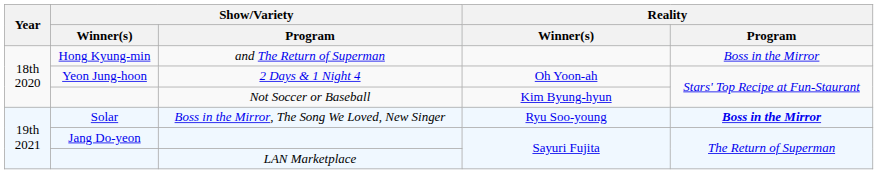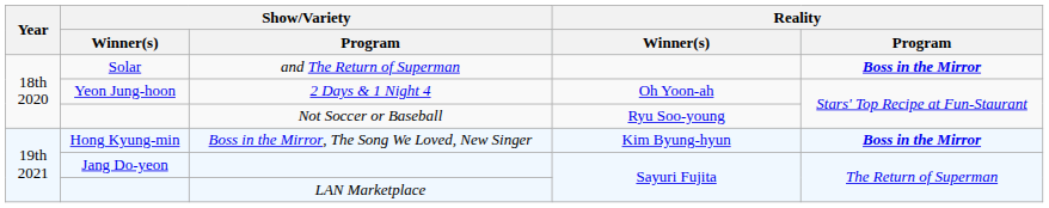 <table class="wikitable" style=text-align:center>
 <tr>
 <th rowspan=2 style="width:50px">Year</th>
 <th colspan=2 style="width:500px">Show/Variety</th>
 <th colspan=2 style="width:500px">Reality</th>
 </tr>
 <tr style="background:#F0F8FF">
 <th>Winner(s)</th>
 <th>Program</th>
 <th style="width:250px">Winner(s)</th>
 <th>Program</th>
 </tr>
 <tr>
 <td rowspan=3>18th<br>2020</td>
-<td><a href='#'>Hong Kyung-min</a></td>
+<td><a href='#'>Solar</a></td>
 <td><em> and <a href='#'>The Return of Superman</a></em></td>
 <td></td>
-<td><em><a href='#'>Boss in the Mirror</a></em></td>
+<td><strong><em><a href='#'>Boss in the Mirror</a></em></strong></td>
 </tr>
 <tr>
 <td><a href='#'>Yeon Jung-hoon</a></td>
 <td><em><a href='#'>2 Days & 1 Night 4</a></em></td>
 <td><a href='#'>Oh Yoon-ah</a></td>
 <td rowspan=2><em><a href='#'>Stars' Top Recipe at Fun-Staurant</a></em></td>
 </tr>
 <tr>
 <td></td>
 <td><em>Not Soccer or Baseball</em></td>
-<td><a href='#'>Kim Byung-hyun</a></td>
+<td><a href='#'>Ryu Soo-young</a></td>
 </tr>
 <tr style="background:#F0F8FF">
 <td rowspan=3>19th<br>2021</td>
-<td><a href='#'>Solar</a></td>
+<td><a href='#'>Hong Kyung-min</a></td>
 <td><em><a href='#'>Boss in the Mirror</a></em>, <em>The Song We Loved, New Singer</em></td>
-<td><a href='#'>Ryu Soo-young</a></td>
+<td><a href='#'>Kim Byung-hyun</a></td>
 <td><strong><em><a href='#'>Boss in the Mirror</a></em></strong></td>
 </tr>
 <tr style="background:#F0F8FF">
 <td><a href='#'>Jang Do-yeon</a></td>
 <td><em></em></td>
 <td rowspan=2><a href='#'>Sayuri Fujita</a></td>
 <td rowspan=2><em><a href='#'>The Return of Superman</a></em></td>
 </tr>
 <tr style="background:#F0F8FF">
 <td></td>
 <td><em>LAN Marketplace</em></td>
 </tr>
 </table>
